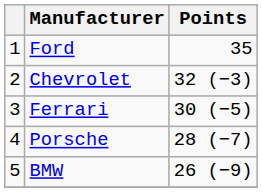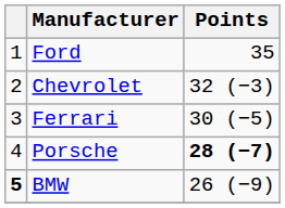 <table class="wikitable" style="font-size: 95%;">
 <tr>
 <th scope="col"></th>
 <th scope="col">Manufacturer</th>
 <th scope="col">Points</th>
 </tr>
 <tr>
 <td align=center>1</td>
 <td> <a href='#'>Ford</a></td>
 <td align=right>35</td>
 </tr>
 <tr>
 <td align=center>2</td>
 <td> <a href='#'>Chevrolet</a></td>
 <td align=right>32 (−3)</td>
 </tr>
 <tr>
 <td align=center>3</td>
 <td> <a href='#'>Ferrari</a></td>
 <td align=right>30 (−5)</td>
 </tr>
 <tr>
 <td align=center>4</td>
 <td> <a href='#'>Porsche</a></td>
-<td align=right>28 (−7)</td>
+<td align=right><strong>28 (−7)</strong></td>
 </tr>
 <tr>
-<td align=center>5</td>
+<td align=center><strong>5</strong></td>
 <td> <a href='#'>BMW</a></td>
 <td align=right>26 (−9)</td>
 </tr>
 <tr>
 </tr>
 </table>
